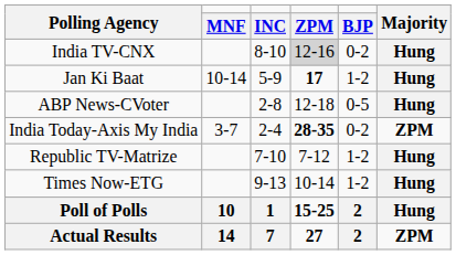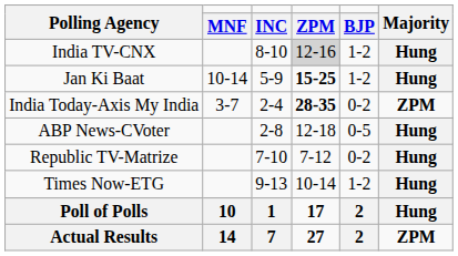 <table class="wikitable" style="text-align:center;font-size:95%;line-height:16px;">
 <tr>
 <th rowspan="2">Polling Agency</th>
 <td></td>
 <td></td>
 <td></td>
 <td></td>
 <th rowspan="2">Majority</th>
 </tr>
 <tr>
 <th><a href='#'>MNF</a></th>
 <th><a href='#'>INC</a></th>
 <th><a href='#'>ZPM</a></th>
 <th><a href='#'>BJP</a></th>
 </tr>
 <tr>
 <td>India TV-CNX</td>
 <td></td>
 <td>8-10</td>
 <td style="background: lightgrey;">12-16</td>
-<td>0-2</td>
+<td>1-2</td>
 <th>Hung</th>
 </tr>
 <tr>
 <td>Jan Ki Baat</td>
 <td>10-14</td>
 <td>5-9</td>
-<td><strong>17</strong></td>
+<td><strong>15-25</strong></td>
 <td>1-2</td>
-<th>Hung</th>
-</tr>
-<tr>
-<td>ABP News-CVoter</td>
-<td></td>
-<td>2-8</td>
-<td>12-18</td>
-<td>0-5</td>
 <th>Hung</th>
 </tr>
 <tr>
 <td>India Today-Axis My India</td>
 <td>3-7</td>
 <td>2-4</td>
 <td><strong>28-35</strong></td>
 <td>0-2</td>
 <td><strong>ZPM</strong></td>
 </tr>
 <tr>
+<td>ABP News-CVoter</td>
+<td></td>
+<td>2-8</td>
+<td>12-18</td>
+<td>0-5</td>
+<th>Hung</th>
+</tr>
+<tr>
 <td>Republic TV-Matrize</td>
 <td></td>
 <td>7-10</td>
 <td>7-12</td>
-<td>1-2</td>
+<td>0-2</td>
 <th>Hung</th>
 </tr>
 <tr>
 <td>Times Now-ETG</td>
 <td></td>
 <td>9-13</td>
 <td>10-14</td>
 <td>1-2</td>
 <th>Hung</th>
 </tr>
 <tr>
 <th>Poll of Polls</th>
 <th>10</th>
 <th>1</th>
-<td><strong>15-25</strong></td>
+<td><strong>17</strong></td>
 <th>2</th>
 <th>Hung</th>
 </tr>
 <tr>
 <th>Actual Results</th>
 <th>14</th>
 <th>7</th>
 <td><strong>27</strong></td>
 <th>2</th>
 <td><strong>ZPM</strong></td>
 </tr>
 </table>
